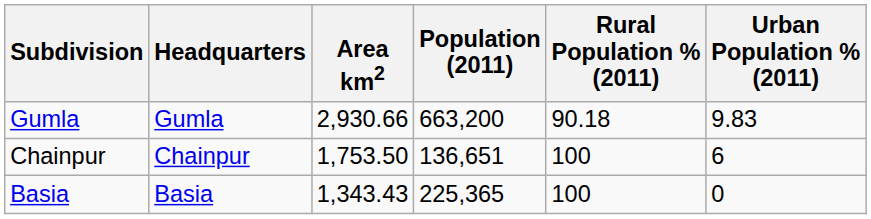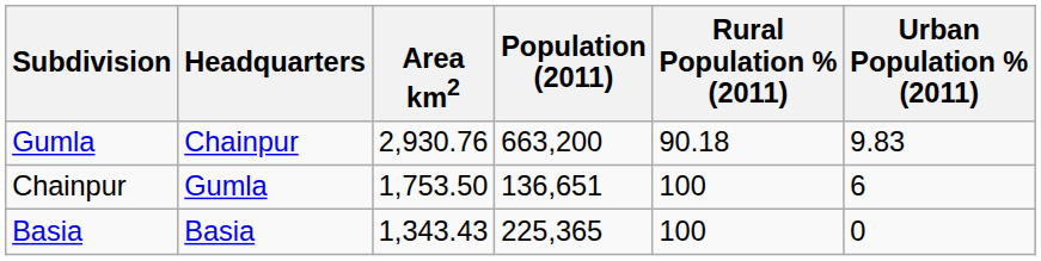 <table class="wikitable sortable">
 <tr>
 <th>Subdivision</th>
 <th>Headquarters</th>
 <th><br>Area<br>km<sup>2</sup></th>
 <th>Population<br>(2011)</th>
 <th>Rural<br>Population %<br>(2011)</th>
 <th>Urban<br> Population % <br>(2011)</th>
 </tr>
 <tr>
 <td><a href='#'>Gumla</a></td>
-<td><a href='#'>Gumla</a></td>
-<td>2,930.66</td>
+<td><a href='#'>Chainpur</a></td>
+<td>2,930.76</td>
 <td>663,200</td>
 <td>90.18</td>
 <td>9.83</td>
 </tr>
 <tr>
 <td>Chainpur</td>
-<td><a href='#'>Chainpur</a></td>
+<td><a href='#'>Gumla</a></td>
 <td>1,753.50</td>
 <td>136,651</td>
 <td>100</td>
 <td>6</td>
 </tr>
 <tr>
 <td><a href='#'>Basia</a></td>
 <td><a href='#'>Basia</a></td>
 <td>1,343.43</td>
 <td>225,365</td>
 <td>100</td>
 <td>0</td>
 </tr>
 </table>
